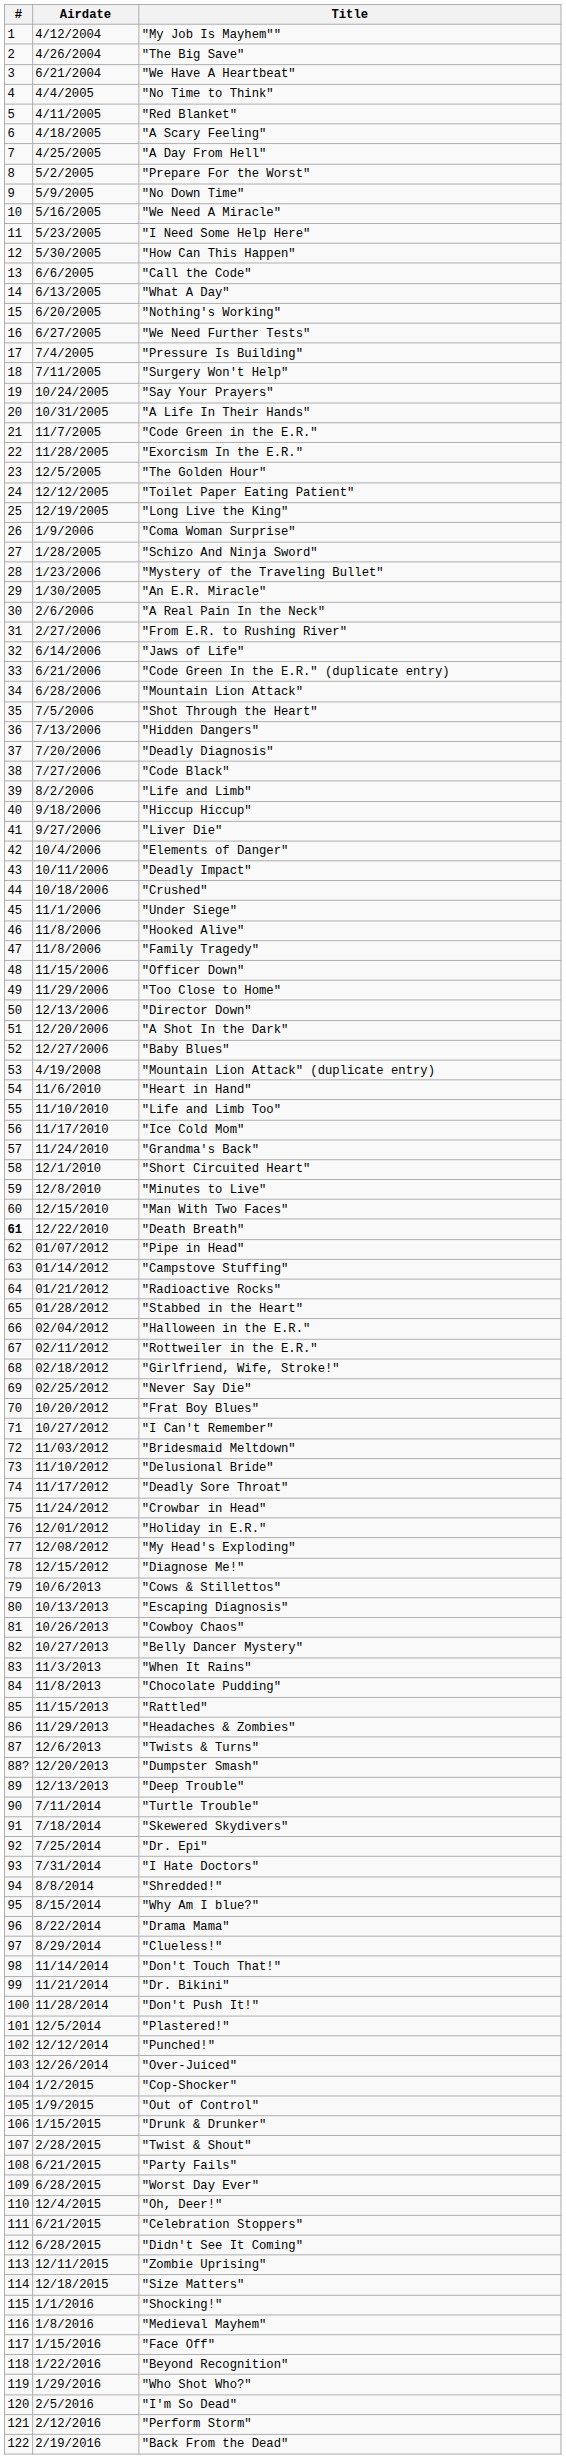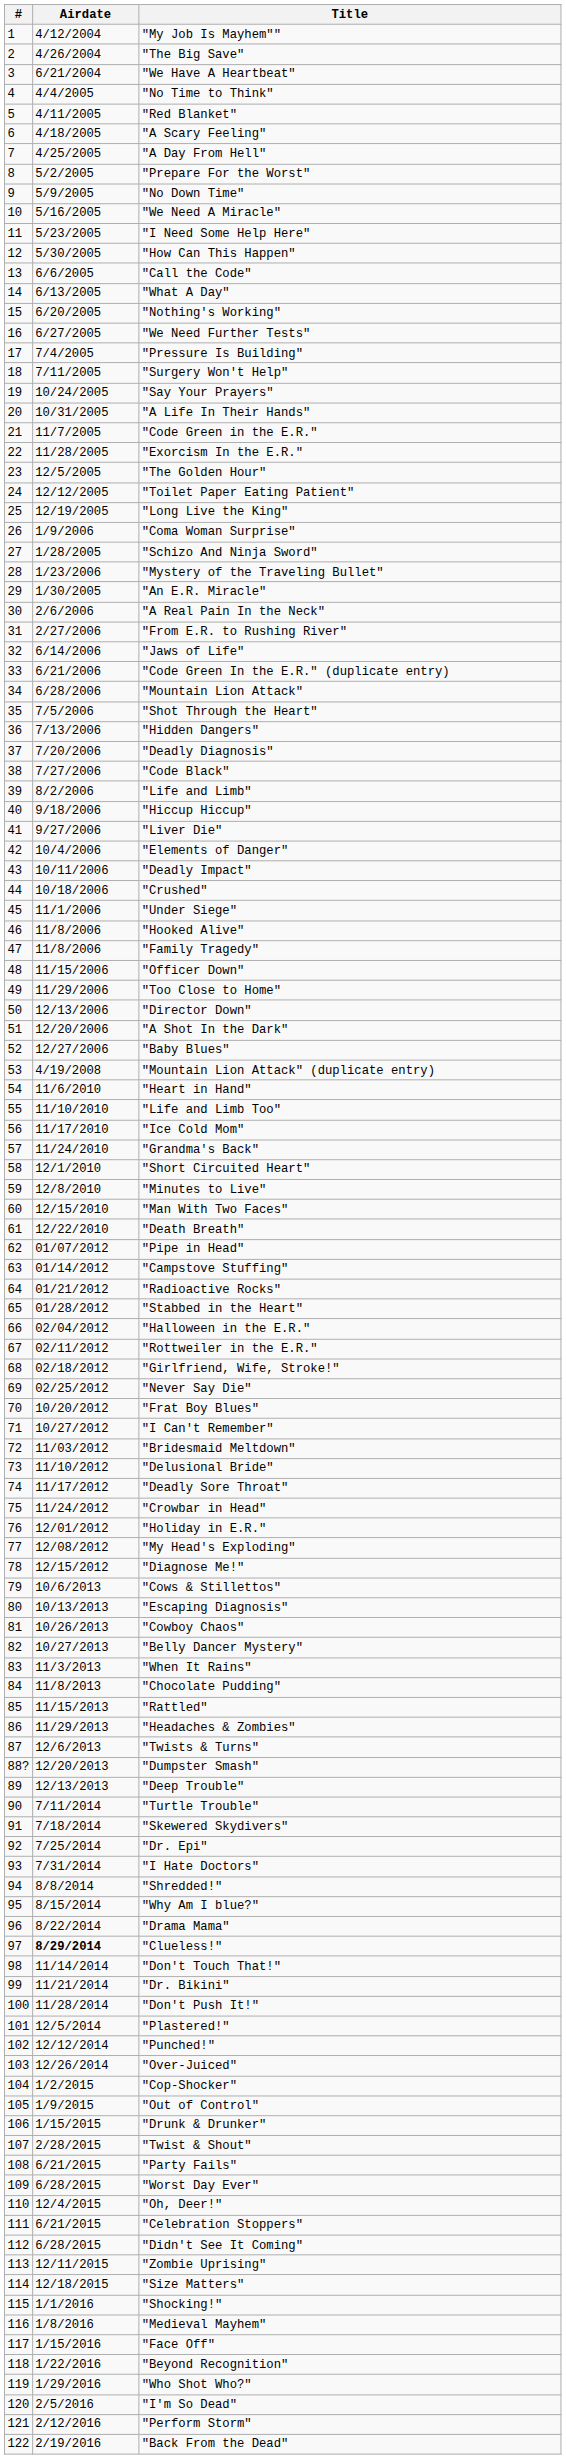 <table class="wikitable">
 <tr>
 <th style="width:5%;">#</th>
 <th>Airdate</th>
 <th>Title</th>
 </tr>
 <tr>
 <td>1</td>
 <td>4/12/2004</td>
 <td>"My Job Is Mayhem""</td>
 </tr>
 <tr>
 <td>2</td>
 <td>4/26/2004</td>
 <td>"The Big Save"</td>
 </tr>
 <tr>
 <td>3</td>
 <td>6/21/2004</td>
 <td>"We Have A Heartbeat"</td>
 </tr>
 <tr>
 <td>4</td>
 <td>4/4/2005</td>
 <td>"No Time to Think"</td>
 </tr>
 <tr>
 <td>5</td>
 <td>4/11/2005</td>
 <td>"Red Blanket"</td>
 </tr>
 <tr>
 <td>6</td>
 <td>4/18/2005</td>
 <td>"A Scary Feeling"</td>
 </tr>
 <tr>
 <td>7</td>
 <td>4/25/2005</td>
 <td>"A Day From Hell"</td>
 </tr>
 <tr>
 <td>8</td>
 <td>5/2/2005</td>
 <td>"Prepare For the Worst"</td>
 </tr>
 <tr>
 <td>9</td>
 <td>5/9/2005</td>
 <td>"No Down Time"</td>
 </tr>
 <tr>
 <td>10</td>
 <td>5/16/2005</td>
 <td>"We Need A Miracle"</td>
 </tr>
 <tr>
 <td>11</td>
 <td>5/23/2005</td>
 <td>"I Need Some Help Here"</td>
 </tr>
 <tr>
 <td>12</td>
 <td>5/30/2005</td>
 <td>"How Can This Happen"</td>
 </tr>
 <tr>
 <td>13</td>
 <td>6/6/2005</td>
 <td>"Call the Code"</td>
 </tr>
 <tr>
 <td>14</td>
 <td>6/13/2005</td>
 <td>"What A Day"</td>
 </tr>
 <tr>
 <td>15</td>
 <td>6/20/2005</td>
 <td>"Nothing's Working"</td>
 </tr>
 <tr>
 <td>16</td>
 <td>6/27/2005</td>
 <td>"We Need Further Tests"</td>
 </tr>
 <tr>
 <td>17</td>
 <td>7/4/2005</td>
 <td>"Pressure Is Building"</td>
 </tr>
 <tr>
 <td>18</td>
 <td>7/11/2005</td>
 <td>"Surgery Won't Help"</td>
 </tr>
 <tr>
 <td>19</td>
 <td>10/24/2005</td>
 <td>"Say Your Prayers"</td>
 </tr>
 <tr>
 <td>20</td>
 <td>10/31/2005</td>
 <td>"A Life In Their Hands"</td>
 </tr>
 <tr>
 <td>21</td>
 <td>11/7/2005</td>
 <td>"Code Green in the E.R."</td>
 </tr>
 <tr>
 <td>22</td>
 <td>11/28/2005</td>
 <td>"Exorcism In the E.R."</td>
 </tr>
 <tr>
 <td>23</td>
 <td>12/5/2005</td>
 <td>"The Golden Hour"</td>
 </tr>
 <tr>
 <td>24</td>
 <td>12/12/2005</td>
 <td>"Toilet Paper Eating Patient"</td>
 </tr>
 <tr>
 <td>25</td>
 <td>12/19/2005</td>
 <td>"Long Live the King"</td>
 </tr>
 <tr>
 <td>26</td>
 <td>1/9/2006</td>
 <td>"Coma Woman Surprise"</td>
 </tr>
 <tr>
 <td>27</td>
 <td>1/28/2005</td>
 <td>"Schizo And Ninja Sword"</td>
 </tr>
 <tr>
 <td>28</td>
 <td>1/23/2006</td>
 <td>"Mystery of the Traveling Bullet"</td>
 </tr>
 <tr>
 <td>29</td>
 <td>1/30/2005</td>
 <td>"An E.R. Miracle"</td>
 </tr>
 <tr>
 <td>30</td>
 <td>2/6/2006</td>
 <td>"A Real Pain In the Neck"</td>
 </tr>
 <tr>
 <td>31</td>
 <td>2/27/2006</td>
 <td>"From E.R. to Rushing River"</td>
 </tr>
 <tr>
 <td>32</td>
 <td>6/14/2006</td>
 <td>"Jaws of Life"</td>
 </tr>
 <tr>
 <td>33</td>
 <td>6/21/2006</td>
 <td>"Code Green In the E.R." (duplicate entry)</td>
 </tr>
 <tr>
 <td>34</td>
 <td>6/28/2006</td>
 <td>"Mountain Lion Attack"</td>
 </tr>
 <tr>
 <td>35</td>
 <td>7/5/2006</td>
 <td>"Shot Through the Heart"</td>
 </tr>
 <tr>
 <td>36</td>
 <td>7/13/2006</td>
 <td>"Hidden Dangers"</td>
 </tr>
 <tr>
 <td>37</td>
 <td>7/20/2006</td>
 <td>"Deadly Diagnosis"</td>
 </tr>
 <tr>
 <td>38</td>
 <td>7/27/2006</td>
 <td>"Code Black"</td>
 </tr>
 <tr>
 <td>39</td>
 <td>8/2/2006</td>
 <td>"Life and Limb"</td>
 </tr>
 <tr>
 <td>40</td>
 <td>9/18/2006</td>
 <td>"Hiccup Hiccup"</td>
 </tr>
 <tr>
 <td>41</td>
 <td>9/27/2006</td>
 <td>"Liver Die"</td>
 </tr>
 <tr>
 <td>42</td>
 <td>10/4/2006</td>
 <td>"Elements of Danger"</td>
 </tr>
 <tr>
 <td>43</td>
 <td>10/11/2006</td>
 <td>"Deadly Impact"</td>
 </tr>
 <tr>
 <td>44</td>
 <td>10/18/2006</td>
 <td>"Crushed"</td>
 </tr>
 <tr>
 <td>45</td>
 <td>11/1/2006</td>
 <td>"Under Siege"</td>
 </tr>
 <tr>
 <td>46</td>
 <td>11/8/2006</td>
 <td>"Hooked Alive"</td>
 </tr>
 <tr>
 <td>47</td>
 <td>11/8/2006</td>
 <td>"Family Tragedy"</td>
 </tr>
 <tr>
 <td>48</td>
 <td>11/15/2006</td>
 <td>"Officer Down"</td>
 </tr>
 <tr>
 <td>49</td>
 <td>11/29/2006</td>
 <td>"Too Close to Home"</td>
 </tr>
 <tr>
 <td>50</td>
 <td>12/13/2006</td>
 <td>"Director Down"</td>
 </tr>
 <tr>
 <td>51</td>
 <td>12/20/2006</td>
 <td>"A Shot In the Dark"</td>
 </tr>
 <tr>
 <td>52</td>
 <td>12/27/2006</td>
 <td>"Baby Blues"</td>
 </tr>
 <tr>
 <td>53</td>
 <td>4/19/2008</td>
 <td>"Mountain Lion Attack" (duplicate entry)</td>
 </tr>
 <tr>
 <td>54</td>
 <td>11/6/2010</td>
 <td>"Heart in Hand"</td>
 </tr>
 <tr>
 <td>55</td>
 <td>11/10/2010</td>
 <td>"Life and Limb Too"</td>
 </tr>
 <tr>
 <td>56</td>
 <td>11/17/2010</td>
 <td>"Ice Cold Mom"</td>
 </tr>
 <tr>
 <td>57</td>
 <td>11/24/2010</td>
 <td>"Grandma's Back"</td>
 </tr>
 <tr>
 <td>58</td>
 <td>12/1/2010</td>
 <td>"Short Circuited Heart"</td>
 </tr>
 <tr>
 <td>59</td>
 <td>12/8/2010</td>
 <td>"Minutes to Live"</td>
 </tr>
 <tr>
 <td>60</td>
 <td>12/15/2010</td>
 <td>"Man With Two Faces"</td>
 </tr>
 <tr>
-<td><strong>61</strong></td>
+<td>61</td>
 <td>12/22/2010</td>
 <td>"Death Breath"</td>
 </tr>
 <tr>
 <td>62</td>
 <td>01/07/2012</td>
 <td>"Pipe in Head"</td>
 </tr>
 <tr>
 <td>63</td>
 <td>01/14/2012</td>
 <td>"Campstove Stuffing"</td>
 </tr>
 <tr>
 <td>64</td>
 <td>01/21/2012</td>
 <td>"Radioactive Rocks"</td>
 </tr>
 <tr>
 <td>65</td>
 <td>01/28/2012</td>
 <td>"Stabbed in the Heart"</td>
 </tr>
 <tr>
 <td>66</td>
 <td>02/04/2012</td>
 <td>"Halloween in the E.R."</td>
 </tr>
 <tr>
 <td>67</td>
 <td>02/11/2012</td>
 <td>"Rottweiler in the E.R."</td>
 </tr>
 <tr>
 <td>68</td>
 <td>02/18/2012</td>
 <td>"Girlfriend, Wife, Stroke!"</td>
 </tr>
 <tr>
 <td>69</td>
 <td>02/25/2012</td>
 <td>"Never Say Die"</td>
 </tr>
 <tr>
 <td>70</td>
 <td>10/20/2012</td>
 <td>"Frat Boy Blues"</td>
 </tr>
 <tr>
 <td>71</td>
 <td>10/27/2012</td>
 <td>"I Can't Remember"</td>
 </tr>
 <tr>
 <td>72</td>
 <td>11/03/2012</td>
 <td>"Bridesmaid Meltdown"</td>
 </tr>
 <tr>
 <td>73</td>
 <td>11/10/2012</td>
 <td>"Delusional Bride"</td>
 </tr>
 <tr>
 <td>74</td>
 <td>11/17/2012</td>
 <td>"Deadly Sore Throat"</td>
 </tr>
 <tr>
 <td>75</td>
 <td>11/24/2012</td>
 <td>"Crowbar in Head"</td>
 </tr>
 <tr>
 <td>76</td>
 <td>12/01/2012</td>
 <td>"Holiday in E.R."</td>
 </tr>
 <tr>
 <td>77</td>
 <td>12/08/2012</td>
 <td>"My Head's Exploding"</td>
 </tr>
 <tr>
 <td>78</td>
 <td>12/15/2012</td>
 <td>"Diagnose Me!"</td>
 </tr>
 <tr>
 <td>79</td>
 <td>10/6/2013</td>
 <td>"Cows & Stillettos"</td>
 </tr>
 <tr>
 <td>80</td>
 <td>10/13/2013</td>
 <td>"Escaping Diagnosis"</td>
 </tr>
 <tr>
 <td>81</td>
 <td>10/26/2013</td>
 <td>"Cowboy Chaos"</td>
 </tr>
 <tr>
 <td>82</td>
 <td>10/27/2013</td>
 <td>"Belly Dancer Mystery"</td>
 </tr>
 <tr>
 <td>83</td>
 <td>11/3/2013</td>
 <td>"When It Rains"</td>
 </tr>
 <tr>
 <td>84</td>
 <td>11/8/2013</td>
 <td>"Chocolate Pudding"</td>
 </tr>
 <tr>
 <td>85</td>
 <td>11/15/2013</td>
 <td>"Rattled"</td>
 </tr>
 <tr>
 <td>86</td>
 <td>11/29/2013</td>
 <td>"Headaches & Zombies"</td>
 </tr>
 <tr>
 <td>87</td>
 <td>12/6/2013</td>
 <td>"Twists & Turns"</td>
 </tr>
 <tr>
 <td>88?</td>
 <td>12/20/2013</td>
 <td>"Dumpster Smash"</td>
 </tr>
 <tr>
 <td>89</td>
 <td>12/13/2013</td>
 <td>"Deep Trouble"</td>
 </tr>
 <tr>
 <td>90</td>
 <td>7/11/2014</td>
 <td>"Turtle Trouble"</td>
 </tr>
 <tr>
 <td>91</td>
 <td>7/18/2014</td>
 <td>"Skewered Skydivers"</td>
 </tr>
 <tr>
 <td>92</td>
 <td>7/25/2014</td>
 <td>"Dr. Epi"</td>
 </tr>
 <tr>
 <td>93</td>
 <td>7/31/2014</td>
 <td>"I Hate Doctors"</td>
 </tr>
 <tr>
 <td>94</td>
 <td>8/8/2014</td>
 <td>"Shredded!"</td>
 </tr>
 <tr>
 <td>95</td>
 <td>8/15/2014</td>
 <td>"Why Am I blue?"</td>
 </tr>
 <tr>
 <td>96</td>
 <td>8/22/2014</td>
 <td>"Drama Mama"</td>
 </tr>
 <tr>
 <td>97</td>
-<td>8/29/2014</td>
+<td><strong>8/29/2014</strong></td>
 <td>"Clueless!"</td>
 </tr>
 <tr>
 <td>98</td>
 <td>11/14/2014</td>
 <td>"Don't Touch That!"</td>
 </tr>
 <tr>
 <td>99</td>
 <td>11/21/2014</td>
 <td>"Dr. Bikini"</td>
 </tr>
 <tr>
 <td>100</td>
 <td>11/28/2014</td>
 <td>"Don't Push It!"</td>
 </tr>
 <tr>
 <td>101</td>
 <td>12/5/2014</td>
 <td>"Plastered!"</td>
 </tr>
 <tr>
 <td>102</td>
 <td>12/12/2014</td>
 <td>"Punched!"</td>
 </tr>
 <tr>
 <td>103</td>
 <td>12/26/2014</td>
 <td>"Over-Juiced"</td>
 </tr>
 <tr>
 <td>104</td>
 <td>1/2/2015</td>
 <td>"Cop-Shocker"</td>
 </tr>
 <tr>
 <td>105</td>
 <td>1/9/2015</td>
 <td>"Out of Control"</td>
 </tr>
 <tr>
 <td>106</td>
 <td>1/15/2015</td>
 <td>"Drunk & Drunker"</td>
 </tr>
 <tr>
 <td>107</td>
 <td>2/28/2015</td>
 <td>"Twist & Shout"</td>
 </tr>
 <tr>
 <td>108</td>
 <td>6/21/2015</td>
 <td>"Party Fails"</td>
 </tr>
 <tr>
 <td>109</td>
 <td>6/28/2015</td>
 <td>"Worst Day Ever"</td>
 </tr>
 <tr>
 <td>110</td>
 <td>12/4/2015</td>
 <td>"Oh, Deer!"</td>
 </tr>
 <tr>
 <td>111</td>
 <td>6/21/2015</td>
 <td>"Celebration Stoppers"</td>
 </tr>
 <tr>
 <td>112</td>
 <td>6/28/2015</td>
 <td>"Didn't See It Coming"</td>
 </tr>
 <tr>
 <td>113</td>
 <td>12/11/2015</td>
 <td>"Zombie Uprising"</td>
 </tr>
 <tr>
 <td>114</td>
 <td>12/18/2015</td>
 <td>"Size Matters"</td>
 </tr>
 <tr>
 <td>115</td>
 <td>1/1/2016</td>
 <td>"Shocking!"</td>
 </tr>
 <tr>
 <td>116</td>
 <td>1/8/2016</td>
 <td>"Medieval Mayhem"</td>
 </tr>
 <tr>
 <td>117</td>
 <td>1/15/2016</td>
 <td>"Face Off"</td>
 </tr>
 <tr>
 <td>118</td>
 <td>1/22/2016</td>
 <td>"Beyond Recognition"</td>
 </tr>
 <tr>
 <td>119</td>
 <td>1/29/2016</td>
 <td>"Who Shot Who?"</td>
 </tr>
 <tr>
 <td>120</td>
 <td>2/5/2016</td>
 <td>"I'm So Dead"</td>
 </tr>
 <tr>
 <td>121</td>
 <td>2/12/2016</td>
 <td>"Perform Storm"</td>
 </tr>
 <tr>
 <td>122</td>
 <td>2/19/2016</td>
 <td>"Back From the Dead"</td>
 </tr>
 </table>
